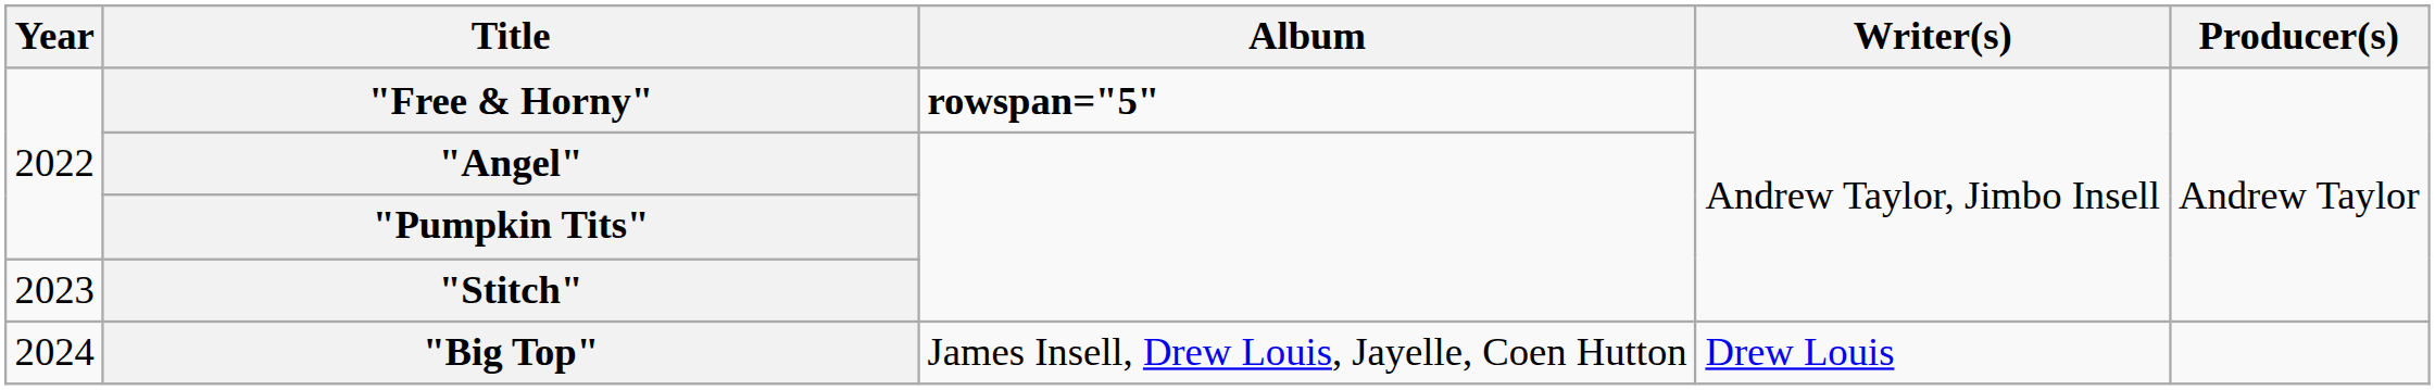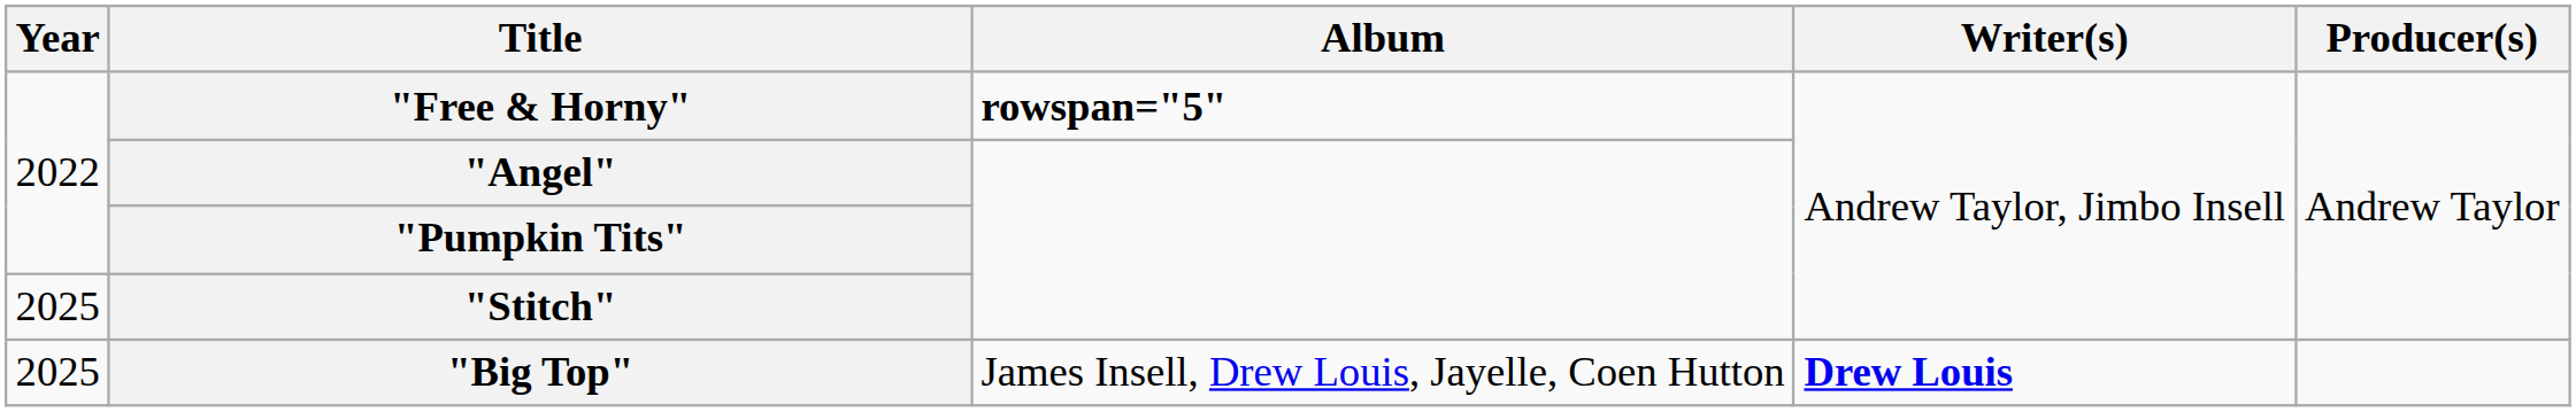 <table class="wikitable plainrowheaders" style="text-align:left;">
 <tr>
 <th>Year</th>
 <th style="width:20em;">Title</th>
 <th>Album</th>
 <th>Writer(s)</th>
 <th>Producer(s)</th>
 </tr>
 <tr>
 <td rowspan="3">2022</td>
 <th scope="row">"Free & Horny"</th>
 <td><strong>rowspan="5" </strong></td>
 <td rowspan="4">Andrew Taylor, Jimbo Insell</td>
 <td rowspan="4">Andrew Taylor</td>
 </tr>
 <tr>
 <th scope="row">"Angel"</th>
 </tr>
 <tr>
 <th scope="row">"Pumpkin Tits"</th>
 </tr>
 <tr>
-<td>2023</td>
+<td>2025</td>
 <th scope="row">"Stitch"</th>
 </tr>
 <tr>
-<td>2024</td>
+<td>2025</td>
 <th scope="row">"Big Top"</th>
 <td>James Insell, <a href='#'>Drew Louis</a>, Jayelle, Coen Hutton</td>
-<td><a href='#'>Drew Louis</a></td>
+<td><strong><a href='#'>Drew Louis</a></strong></td>
 </tr>
 </table>
